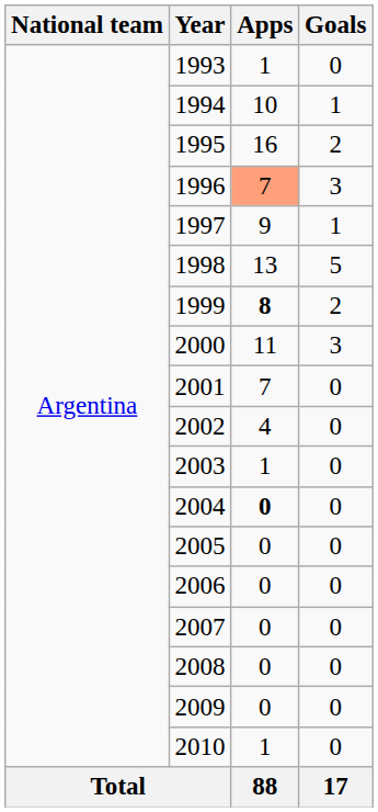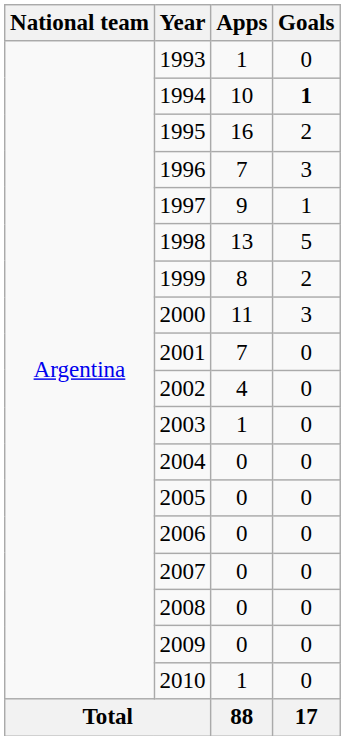 <table class="wikitable" style="text-align:center">
 <tr>
 <th>National team</th>
 <th>Year</th>
 <th>Apps</th>
 <th>Goals</th>
 </tr>
 <tr>
 <td rowspan="18"><a href='#'>Argentina</a></td>
 <td>1993</td>
 <td>1</td>
 <td>0</td>
 </tr>
 <tr>
 <td>1994</td>
 <td>10</td>
-<td>1</td>
+<td><strong>1</strong></td>
 </tr>
 <tr>
 <td>1995</td>
 <td>16</td>
 <td>2</td>
 </tr>
 <tr>
 <td>1996</td>
-<td style="background: lightsalmon;">7</td>
+<td>7</td>
 <td>3</td>
 </tr>
 <tr>
 <td>1997</td>
 <td>9</td>
 <td>1</td>
 </tr>
 <tr>
 <td>1998</td>
 <td>13</td>
 <td>5</td>
 </tr>
 <tr>
 <td>1999</td>
-<td><strong>8</strong></td>
+<td>8</td>
 <td>2</td>
 </tr>
 <tr>
 <td>2000</td>
 <td>11</td>
 <td>3</td>
 </tr>
 <tr>
 <td>2001</td>
 <td>7</td>
 <td>0</td>
 </tr>
 <tr>
 <td>2002</td>
 <td>4</td>
 <td>0</td>
 </tr>
 <tr>
 <td>2003</td>
 <td>1</td>
 <td>0</td>
 </tr>
 <tr>
 <td>2004</td>
-<td><strong>0</strong></td>
+<td>0</td>
 <td>0</td>
 </tr>
 <tr>
 <td>2005</td>
 <td>0</td>
 <td>0</td>
 </tr>
 <tr>
 <td>2006</td>
 <td>0</td>
 <td>0</td>
 </tr>
 <tr>
 <td>2007</td>
 <td>0</td>
 <td>0</td>
 </tr>
 <tr>
 <td>2008</td>
 <td>0</td>
 <td>0</td>
 </tr>
 <tr>
 <td>2009</td>
 <td>0</td>
 <td>0</td>
 </tr>
 <tr>
 <td>2010</td>
 <td>1</td>
 <td>0</td>
 </tr>
 <tr>
 <th colspan="2">Total</th>
 <th>88</th>
 <th>17</th>
 </tr>
 </table>
